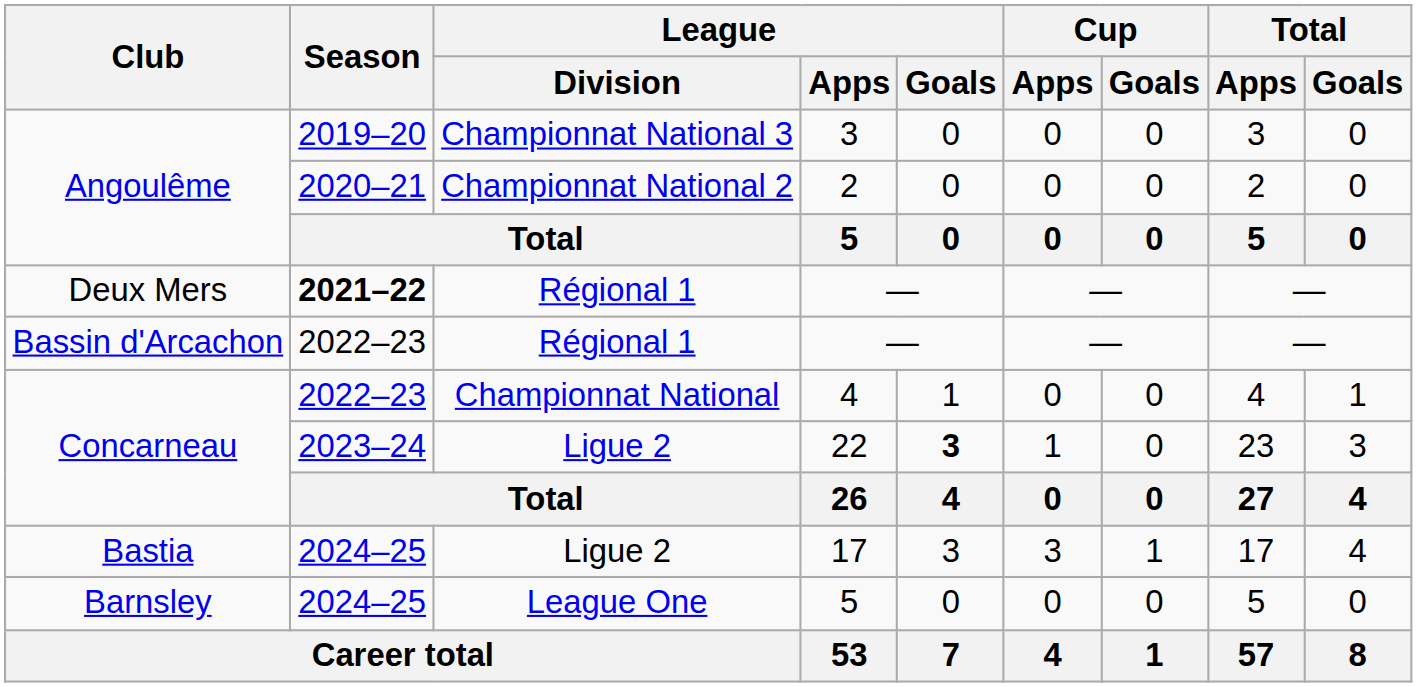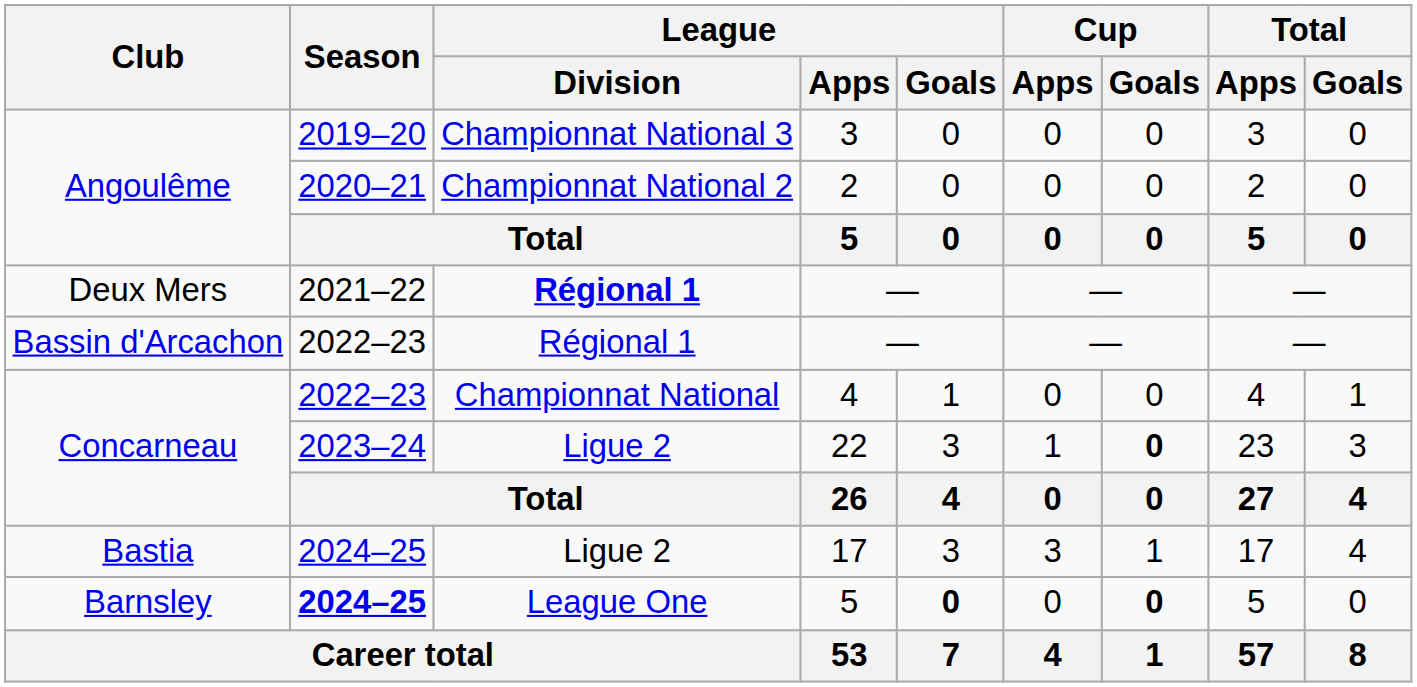 <table class=wikitable style=text-align:center>
 <tr>
 <th rowspan=2>Club</th>
 <th rowspan=2>Season</th>
 <th colspan=3>League</th>
 <th colspan=2>Cup</th>
 <th colspan=2>Total</th>
 </tr>
 <tr>
 <th>Division</th>
 <th>Apps</th>
 <th>Goals</th>
 <th>Apps</th>
 <th>Goals</th>
 <th>Apps</th>
 <th>Goals</th>
 </tr>
 <tr>
 <td rowspan="3"><a href='#'>Angoulême</a></td>
 <td><a href='#'>2019–20</a></td>
 <td><a href='#'>Championnat National 3</a></td>
 <td>3</td>
 <td>0</td>
 <td>0</td>
 <td>0</td>
 <td>3</td>
 <td>0</td>
 </tr>
 <tr>
 <td><a href='#'>2020–21</a></td>
 <td><a href='#'>Championnat National 2</a></td>
 <td>2</td>
 <td>0</td>
 <td>0</td>
 <td>0</td>
 <td>2</td>
 <td>0</td>
 </tr>
 <tr>
 <th colspan="2">Total</th>
 <th>5</th>
 <th>0</th>
 <th>0</th>
 <th>0</th>
 <th>5</th>
 <th>0</th>
 </tr>
 <tr>
 <td>Deux Mers</td>
-<td><strong>2021–22</strong></td>
-<td><a href='#'>Régional 1</a></td>
+<td>2021–22</td>
+<td><strong><a href='#'>Régional 1</a></strong></td>
 <td colspan=2>—</td>
 <td colspan=2>—</td>
 <td colspan=2>—</td>
 </tr>
 <tr>
 <td><a href='#'>Bassin d'Arcachon</a></td>
 <td>2022–23</td>
 <td><a href='#'>Régional 1</a></td>
 <td colspan=2>—</td>
 <td colspan=2>—</td>
 <td colspan=2>—</td>
 </tr>
 <tr>
 <td rowspan="3"><a href='#'>Concarneau</a></td>
 <td><a href='#'>2022–23</a></td>
 <td><a href='#'>Championnat National</a></td>
 <td>4</td>
 <td>1</td>
 <td>0</td>
 <td>0</td>
 <td>4</td>
 <td>1</td>
 </tr>
 <tr>
 <td><a href='#'>2023–24</a></td>
 <td><a href='#'>Ligue 2</a></td>
 <td>22</td>
-<td><strong>3</strong></td>
+<td>3</td>
 <td>1</td>
-<td>0</td>
+<td><strong>0</strong></td>
 <td>23</td>
 <td>3</td>
 </tr>
 <tr>
 <th colspan="2">Total</th>
 <th>26</th>
 <th>4</th>
 <th>0</th>
 <th>0</th>
 <th>27</th>
 <th>4</th>
 </tr>
 <tr>
 <td><a href='#'>Bastia</a></td>
 <td><a href='#'>2024–25</a></td>
 <td>Ligue 2</td>
 <td>17</td>
 <td>3</td>
 <td>3</td>
 <td>1</td>
 <td>17</td>
 <td>4</td>
 </tr>
 <tr>
 <td><a href='#'>Barnsley</a></td>
-<td><a href='#'>2024–25</a></td>
+<td><strong><a href='#'>2024–25</a></strong></td>
 <td><a href='#'>League One</a></td>
 <td>5</td>
+<td><strong>0</strong></td>
 <td>0</td>
-<td>0</td>
-<td>0</td>
+<td><strong>0</strong></td>
 <td>5</td>
 <td>0</td>
 </tr>
 <tr>
 <th colspan="3">Career total</th>
 <th>53</th>
 <th>7</th>
 <th>4</th>
 <th>1</th>
 <th>57</th>
 <th>8</th>
 </tr>
 </table>
